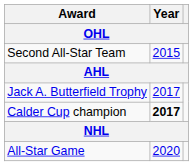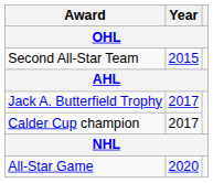 <table class="wikitable">
 <tr>
 <th>Award</th>
 <th>Year</th>
 <th></th>
 </tr>
 <tr>
 <th colspan="3"><a href='#'>OHL</a></th>
 </tr>
 <tr>
 <td>Second All-Star Team</td>
 <td><a href='#'>2015</a></td>
 <td></td>
 </tr>
 <tr>
 <th colspan="3"><a href='#'>AHL</a></th>
 </tr>
 <tr>
 <td><a href='#'>Jack A. Butterfield Trophy</a></td>
 <td><a href='#'>2017</a></td>
 <td rowspan="2"></td>
 </tr>
 <tr>
 <td><a href='#'>Calder Cup</a> champion</td>
-<td><strong>2017</strong></td>
+<td>2017</td>
 </tr>
 <tr>
 <th colspan="3"><a href='#'>NHL</a></th>
 </tr>
 <tr>
 <td><a href='#'>All-Star Game</a></td>
 <td><a href='#'>2020</a></td>
 <td></td>
 </tr>
 </table>
